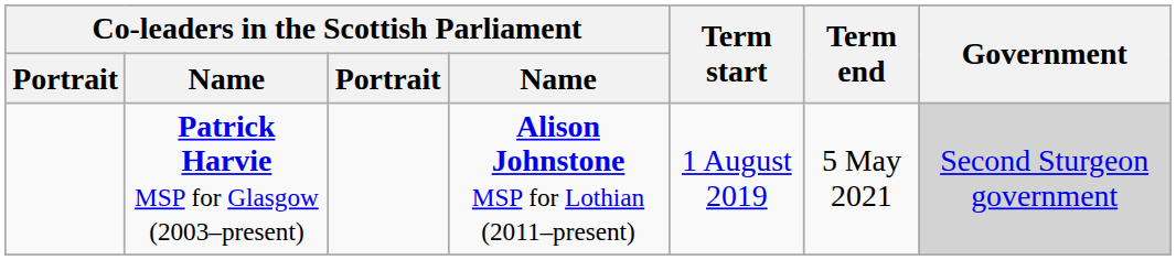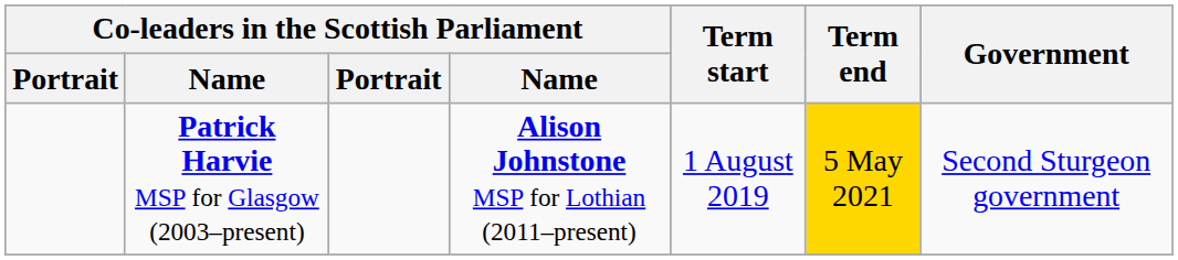 <table class="wikitable" style="text-align:center">
 <tr>
 <th colspan="4">Co-leaders in the Scottish Parliament</th>
 <th rowspan="2">Term start</th>
 <th rowspan="2">Term end</th>
 <th rowspan="2">Government</th>
 </tr>
 <tr>
 <th>Portrait</th>
 <th>Name</th>
 <th>Portrait</th>
 <th>Name</th>
 </tr>
 <tr>
 <td></td>
 <td><strong><a href='#'>Patrick Harvie</a></strong><br><small><a href='#'>MSP</a> for <a href='#'>Glasgow</a> (2003–present)</small></td>
 <td></td>
 <td><strong><a href='#'>Alison Johnstone</a></strong><br><small><a href='#'>MSP</a> for <a href='#'>Lothian</a> (2011–present)</small></td>
 <td><a href='#'>1 August 2019</a></td>
-<td>5 May 2021</td>
-<td style="background: lightgrey;"><a href='#'>Second Sturgeon government</a></td>
+<td style="background: gold;">5 May 2021</td>
+<td><a href='#'>Second Sturgeon government</a></td>
 </tr>
 </table>
